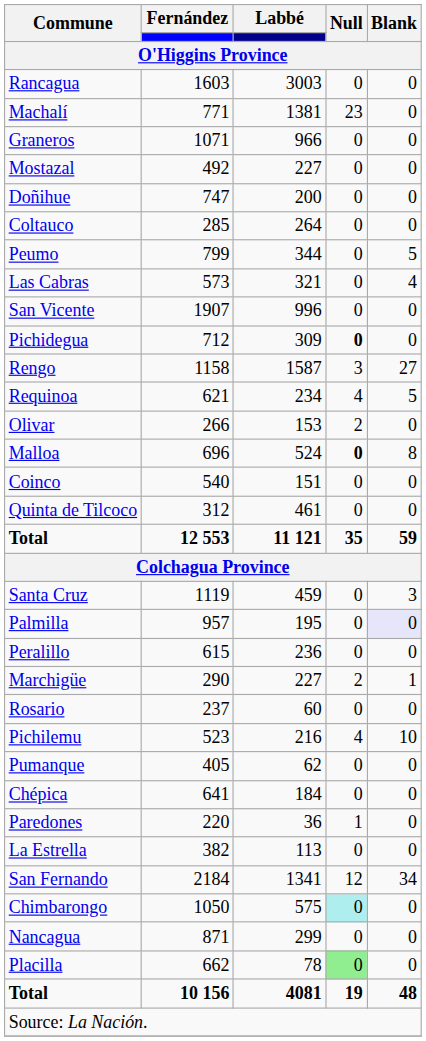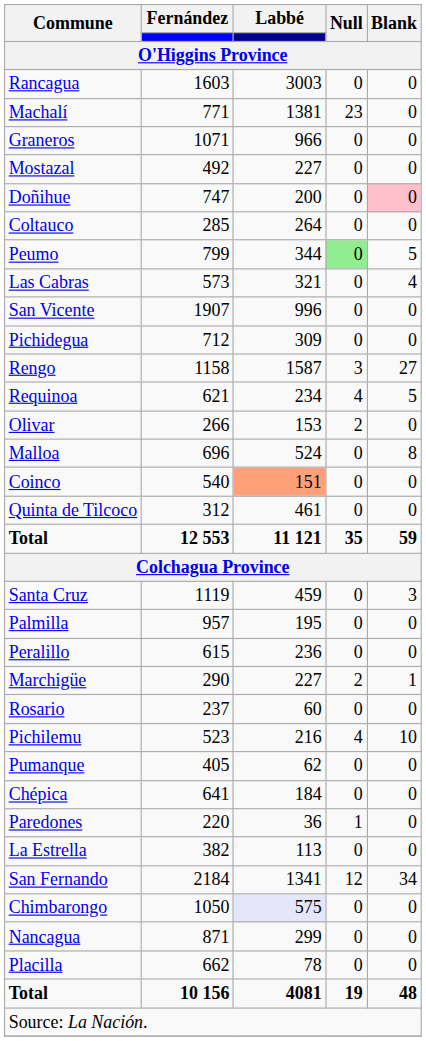 <table class="wikitable">
 <tr>
 <th rowspan="2">Commune</th>
 <th width="75">Fernández</th>
 <th width="75">Labbé</th>
 <th rowspan="2">Null</th>
 <th rowspan="2">Blank</th>
 </tr>
 <tr>
 <td bgcolor="blue"></td>
 <td bgcolor="darkblue"></td>
 </tr>
 <tr>
 <th colspan="5"><a href='#'>O'Higgins Province</a></th>
 </tr>
 <tr>
 <td><a href='#'>Rancagua</a></td>
 <td align="right">1603</td>
 <td align="right">3003</td>
 <td align="right">0</td>
 <td align="right">0</td>
 </tr>
 <tr>
 <td><a href='#'>Machalí</a></td>
 <td align="right">771</td>
 <td align="right">1381</td>
 <td align="right">23</td>
 <td align="right">0</td>
 </tr>
 <tr>
 <td><a href='#'>Graneros</a></td>
 <td align="right">1071</td>
 <td align="right">966</td>
 <td align="right">0</td>
 <td align="right">0</td>
 </tr>
 <tr>
 <td><a href='#'>Mostazal</a></td>
 <td align="right">492</td>
 <td align="right">227</td>
 <td align="right">0</td>
 <td align="right">0</td>
 </tr>
 <tr>
 <td><a href='#'>Doñihue</a></td>
 <td align="right">747</td>
 <td align="right">200</td>
 <td align="right">0</td>
-<td align="right">0</td>
+<td align="right" style="background: pink;">0</td>
 </tr>
 <tr>
 <td><a href='#'>Coltauco</a></td>
 <td align="right">285</td>
 <td align="right">264</td>
 <td align="right">0</td>
 <td align="right">0</td>
 </tr>
 <tr>
 <td><a href='#'>Peumo</a></td>
 <td align="right">799</td>
 <td align="right">344</td>
-<td align="right">0</td>
+<td align="right" style="background: lightgreen;">0</td>
 <td align="right">5</td>
 </tr>
 <tr>
 <td><a href='#'>Las Cabras</a></td>
 <td align="right">573</td>
 <td align="right">321</td>
 <td align="right">0</td>
 <td align="right">4</td>
 </tr>
 <tr>
 <td><a href='#'>San Vicente</a></td>
 <td align="right">1907</td>
 <td align="right">996</td>
 <td align="right">0</td>
 <td align="right">0</td>
 </tr>
 <tr>
 <td><a href='#'>Pichidegua</a></td>
 <td align="right">712</td>
 <td align="right">309</td>
-<td align="right"><strong>0</strong></td>
+<td align="right">0</td>
 <td align="right">0</td>
 </tr>
 <tr>
 <td><a href='#'>Rengo</a></td>
 <td align="right">1158</td>
 <td align="right">1587</td>
 <td align="right">3</td>
 <td align="right">27</td>
 </tr>
 <tr>
 <td><a href='#'>Requinoa</a></td>
 <td align="right">621</td>
 <td align="right">234</td>
 <td align="right">4</td>
 <td align="right">5</td>
 </tr>
 <tr>
 <td><a href='#'>Olivar</a></td>
 <td align="right">266</td>
 <td align="right">153</td>
 <td align="right">2</td>
 <td align="right">0</td>
 </tr>
 <tr>
 <td><a href='#'>Malloa</a></td>
 <td align="right">696</td>
 <td align="right">524</td>
-<td align="right"><strong>0</strong></td>
+<td align="right">0</td>
 <td align="right">8</td>
 </tr>
 <tr>
 <td><a href='#'>Coinco</a></td>
 <td align="right">540</td>
-<td align="right">151</td>
+<td align="right" style="background: lightsalmon;">151</td>
 <td align="right">0</td>
 <td align="right">0</td>
 </tr>
 <tr>
 <td><a href='#'>Quinta de Tilcoco</a></td>
 <td align="right">312</td>
 <td align="right">461</td>
 <td align="right">0</td>
 <td align="right">0</td>
 </tr>
 <tr>
 <td><strong>Total</strong></td>
 <td align="right"><strong>12 553</strong></td>
 <td align="right"><strong>11 121</strong></td>
 <td align="right"><strong>35</strong></td>
 <td align="right"><strong>59</strong></td>
 </tr>
 <tr>
 <th colspan="5"><a href='#'>Colchagua Province</a></th>
 </tr>
 <tr>
 <td><a href='#'>Santa Cruz</a></td>
 <td align="right">1119</td>
 <td align="right">459</td>
 <td align="right">0</td>
 <td align="right">3</td>
 </tr>
 <tr>
 <td><a href='#'>Palmilla</a></td>
 <td align="right">957</td>
 <td align="right">195</td>
 <td align="right">0</td>
-<td align="right" style="background: lavender;">0</td>
+<td align="right">0</td>
 </tr>
 <tr>
 <td><a href='#'>Peralillo</a></td>
 <td align="right">615</td>
 <td align="right">236</td>
 <td align="right">0</td>
 <td align="right">0</td>
 </tr>
 <tr>
 <td><a href='#'>Marchigüe</a></td>
 <td align="right">290</td>
 <td align="right">227</td>
 <td align="right">2</td>
 <td align="right">1</td>
 </tr>
 <tr>
 <td><a href='#'>Rosario</a></td>
 <td align="right">237</td>
 <td align="right">60</td>
 <td align="right">0</td>
 <td align="right">0</td>
 </tr>
 <tr>
 <td><a href='#'>Pichilemu</a></td>
 <td align="right">523</td>
 <td align="right">216</td>
 <td align="right">4</td>
 <td align="right">10</td>
 </tr>
 <tr>
 <td><a href='#'>Pumanque</a></td>
 <td align="right">405</td>
 <td align="right">62</td>
 <td align="right">0</td>
 <td align="right">0</td>
 </tr>
 <tr>
 <td><a href='#'>Chépica</a></td>
 <td align="right">641</td>
 <td align="right">184</td>
 <td align="right">0</td>
 <td align="right">0</td>
 </tr>
 <tr>
 <td><a href='#'>Paredones</a></td>
 <td align="right">220</td>
 <td align="right">36</td>
 <td align="right">1</td>
 <td align="right">0</td>
 </tr>
 <tr>
 <td><a href='#'>La Estrella</a></td>
 <td align="right">382</td>
 <td align="right">113</td>
 <td align="right">0</td>
 <td align="right">0</td>
 </tr>
 <tr>
 <td><a href='#'>San Fernando</a></td>
 <td align="right">2184</td>
 <td align="right">1341</td>
 <td align="right">12</td>
 <td align="right">34</td>
 </tr>
 <tr>
 <td><a href='#'>Chimbarongo</a></td>
 <td align="right">1050</td>
-<td align="right">575</td>
-<td align="right" style="background: paleturquoise;">0</td>
+<td align="right" style="background: lavender;">575</td>
+<td align="right">0</td>
 <td align="right">0</td>
 </tr>
 <tr>
 <td><a href='#'>Nancagua</a></td>
 <td align="right">871</td>
 <td align="right">299</td>
 <td align="right">0</td>
 <td align="right">0</td>
 </tr>
 <tr>
 <td><a href='#'>Placilla</a></td>
 <td align="right">662</td>
 <td align="right">78</td>
-<td align="right" style="background: lightgreen;">0</td>
+<td align="right">0</td>
 <td align="right">0</td>
 </tr>
 <tr>
 <td><strong>Total</strong></td>
 <td align="right"><strong>10 156</strong></td>
 <td align="right"><strong>4081</strong></td>
 <td align="right"><strong>19</strong></td>
 <td align="right"><strong>48</strong></td>
 </tr>
 <tr>
 <td colspan="7">Source: <em>La Nación</em>.</td>
 </tr>
 <tr>
 </tr>
 </table>
